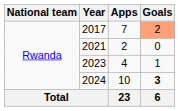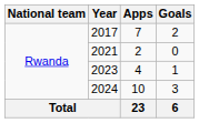 <table class="wikitable" style="text-align:center">
 <tr>
 <th>National team</th>
 <th>Year</th>
 <th>Apps</th>
 <th>Goals</th>
 </tr>
 <tr>
 <td rowspan="4"><a href='#'>Rwanda</a></td>
 <td>2017</td>
 <td>7</td>
-<td style="background: lightsalmon;">2</td>
+<td>2</td>
 </tr>
 <tr>
 <td>2021</td>
 <td>2</td>
 <td>0</td>
 </tr>
 <tr>
 <td>2023</td>
 <td>4</td>
 <td>1</td>
 </tr>
 <tr>
 <td>2024</td>
 <td>10</td>
-<td><strong>3</strong></td>
+<td>3</td>
 </tr>
 <tr>
 <th colspan="2">Total</th>
 <th>23</th>
 <th>6</th>
 </tr>
 </table>
